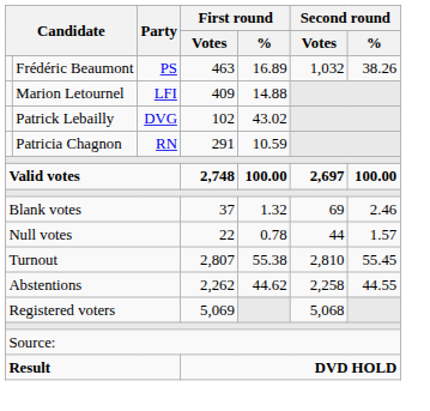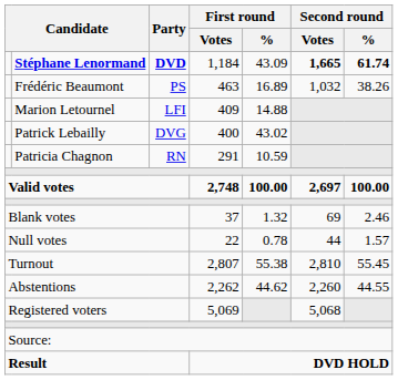 <table class="wikitable" style="text-align:right;font-size:95%;">
 <tr>
 <th colspan="2" rowspan="2">Candidate</th>
 <th colspan="1" rowspan="2">Party</th>
 <th colspan="2">First round</th>
 <th colspan="2">Second round</th>
 </tr>
 <tr>
 <th style="width:50px;">Votes</th>
 <th style="width:45px;">%</th>
 <th style="width:50px;">Votes</th>
 <th style="width:45px;">%</th>
+</tr>
+<tr>
+<td style="color:inherit;background:"></td>
+<td style="text-align:left;"><strong><a href='#'>Stéphane Lenormand</a></strong></td>
+<td><a href='#'><strong>DVD</strong></a></td>
+<td>1,184</td>
+<td>43.09</td>
+<td><strong>1,665</strong></td>
+<td><strong>61.74</strong></td>
 </tr>
 <tr>
 <td style="color:inherit;background:"></td>
 <td style="text-align:left;">Frédéric Beaumont</td>
 <td><a href='#'>PS</a></td>
 <td>463</td>
 <td>16.89</td>
 <td>1,032</td>
 <td>38.26</td>
 </tr>
 <tr>
 <td style="color:inherit;background:"></td>
 <td style="text-align:left;">Marion Letournel</td>
 <td><a href='#'>LFI</a></td>
 <td>409</td>
 <td>14.88</td>
 <td colspan="2" rowspan="1" style="background:#E9E9E9;"></td>
 </tr>
 <tr>
 <td style="color:inherit;background:"></td>
 <td style="text-align:left;">Patrick Lebailly</td>
 <td><a href='#'>DVG</a></td>
-<td>102</td>
+<td>400</td>
 <td>43.02</td>
 <td colspan="2" rowspan="1" style="background:#E9E9E9;"></td>
 </tr>
 <tr>
 <td style="color:inherit;background:"></td>
 <td style="text-align:left;">Patricia Chagnon</td>
 <td><a href='#'>RN</a></td>
 <td>291</td>
 <td>10.59</td>
 <td colspan="2" rowspan="1" style="background:#E9E9E9;"></td>
 </tr>
 <tr>
 <td colspan="7" style="background:#E9E9E9;"></td>
 </tr>
 <tr style="font-weight:bold;">
 <td colspan="3" style="text-align:left;">Valid votes</td>
 <td>2,748</td>
 <td>100.00</td>
 <td>2,697</td>
 <td>100.00</td>
 </tr>
 <tr>
 <td colspan="7" style="background:#E9E9E9;"></td>
 </tr>
 <tr>
 <td colspan="3" style="text-align:left;">Blank votes</td>
 <td>37</td>
 <td>1.32</td>
 <td>69</td>
 <td>2.46</td>
 </tr>
 <tr>
 <td colspan="3" style="text-align:left;">Null votes</td>
 <td>22</td>
 <td>0.78</td>
 <td>44</td>
 <td>1.57</td>
 </tr>
 <tr>
 <td colspan="3" style="text-align:left;">Turnout</td>
 <td>2,807</td>
 <td>55.38</td>
 <td>2,810</td>
 <td>55.45</td>
 </tr>
 <tr>
 <td colspan="3" style="text-align:left;">Abstentions</td>
 <td>2,262</td>
 <td>44.62</td>
-<td>2,258</td>
+<td>2,260</td>
 <td>44.55</td>
 </tr>
 <tr>
 <td colspan="3" style="text-align:left;">Registered voters</td>
 <td>5,069</td>
 <td style="background:#E9E9E9;"></td>
 <td>5,068</td>
 <td style="background:#E9E9E9;"></td>
 </tr>
 <tr>
 <td colspan="7" style="background:#E9E9E9;"></td>
 </tr>
 <tr>
 <td colspan="7" style="text-align:left;">Source: </td>
 </tr>
 <tr style="font-weight:bold">
 <td colspan="3" style="text-align:left;">Result</td>
 <td colspan="4" style="background-color:">DVD HOLD</td>
 </tr>
 </table>
